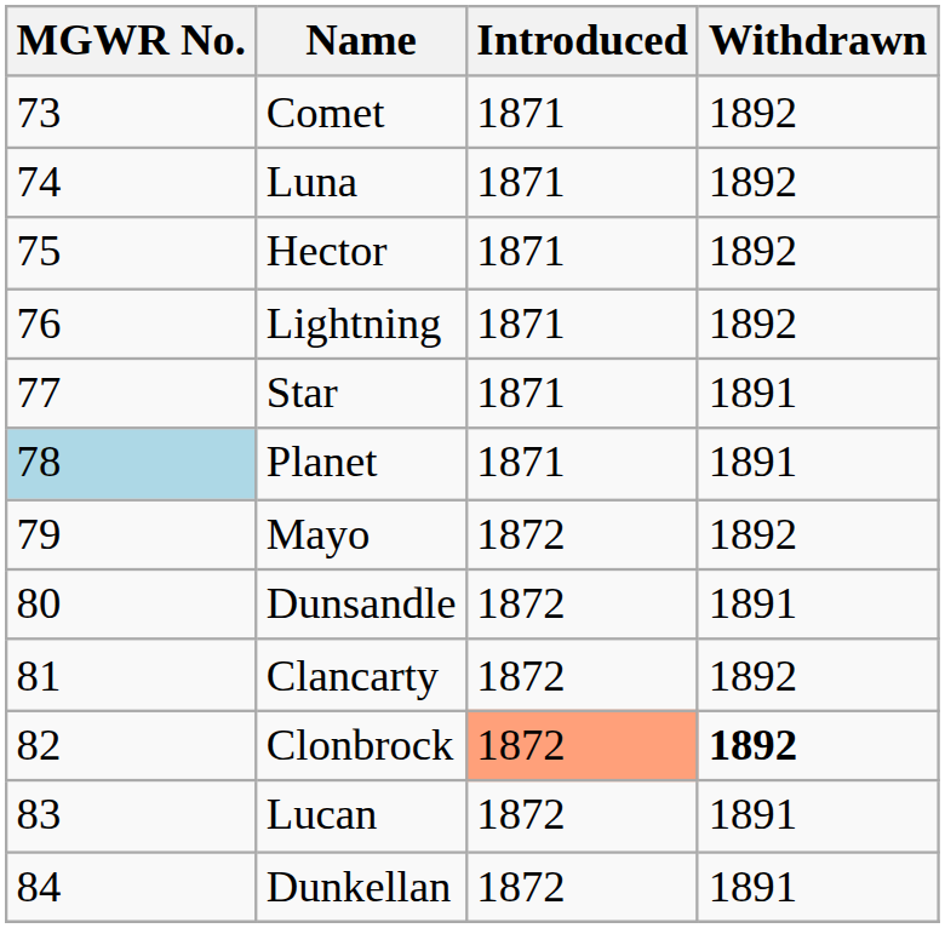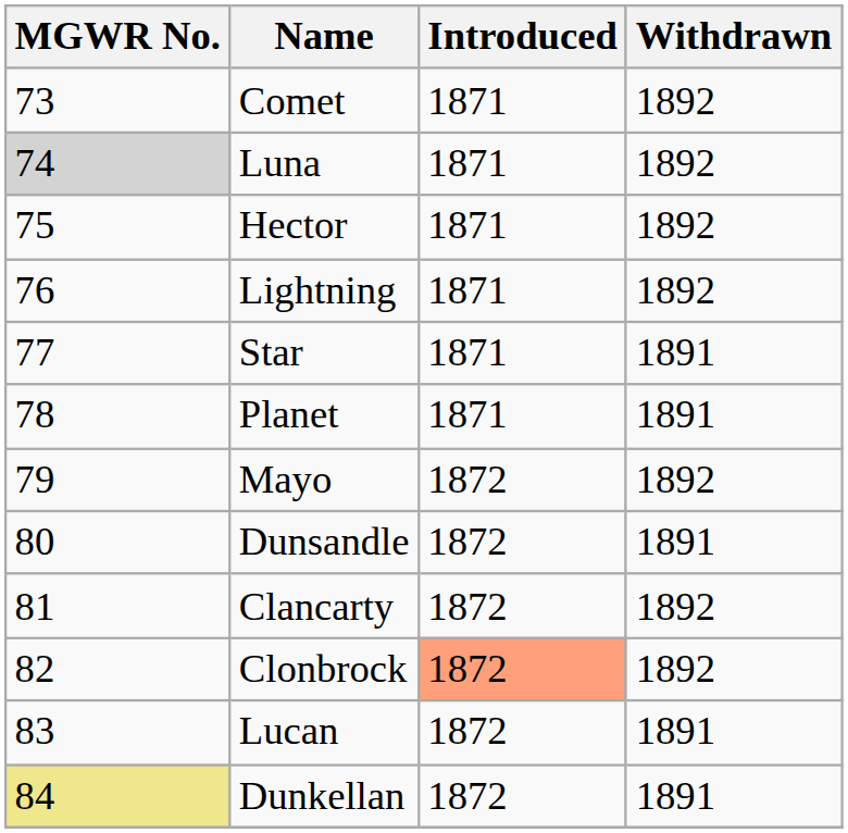 <table class="wikitable">
 <tr>
 <th>MGWR No.</th>
 <th>Name</th>
 <th>Introduced</th>
 <th>Withdrawn</th>
 </tr>
 <tr>
 <td>73</td>
 <td>Comet</td>
 <td>1871</td>
 <td>1892</td>
 </tr>
 <tr>
-<td>74</td>
+<td style="background: lightgrey;">74</td>
 <td>Luna</td>
 <td>1871</td>
 <td>1892</td>
 </tr>
 <tr>
 <td>75</td>
 <td>Hector</td>
 <td>1871</td>
 <td>1892</td>
 </tr>
 <tr>
 <td>76</td>
 <td>Lightning</td>
 <td>1871</td>
 <td>1892</td>
 </tr>
 <tr>
 <td>77</td>
 <td>Star</td>
 <td>1871</td>
 <td>1891</td>
 </tr>
 <tr>
-<td style="background: lightblue;">78</td>
+<td>78</td>
 <td>Planet</td>
 <td>1871</td>
 <td>1891</td>
 </tr>
 <tr>
 <td>79</td>
 <td>Mayo</td>
 <td>1872</td>
 <td>1892</td>
 </tr>
 <tr>
 <td>80</td>
 <td>Dunsandle</td>
 <td>1872</td>
 <td>1891</td>
 </tr>
 <tr>
 <td>81</td>
 <td>Clancarty</td>
 <td>1872</td>
 <td>1892</td>
 </tr>
 <tr>
 <td>82</td>
 <td>Clonbrock</td>
 <td style="background: lightsalmon;">1872</td>
-<td><strong>1892</strong></td>
+<td>1892</td>
 </tr>
 <tr>
 <td>83</td>
 <td>Lucan</td>
 <td>1872</td>
 <td>1891</td>
 </tr>
 <tr>
-<td>84</td>
+<td style="background: khaki;">84</td>
 <td>Dunkellan</td>
 <td>1872</td>
 <td>1891</td>
 </tr>
 <tr>
 </tr>
 </table>
